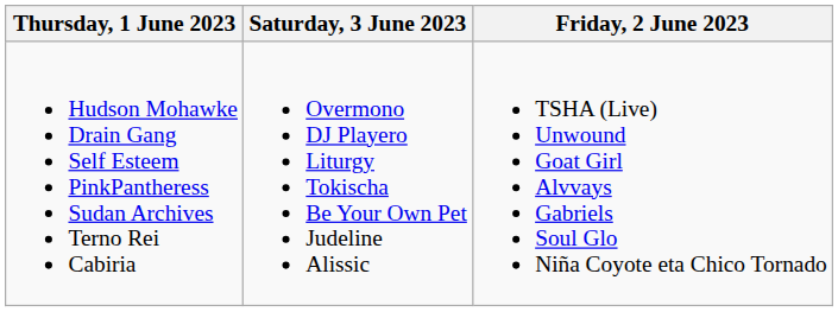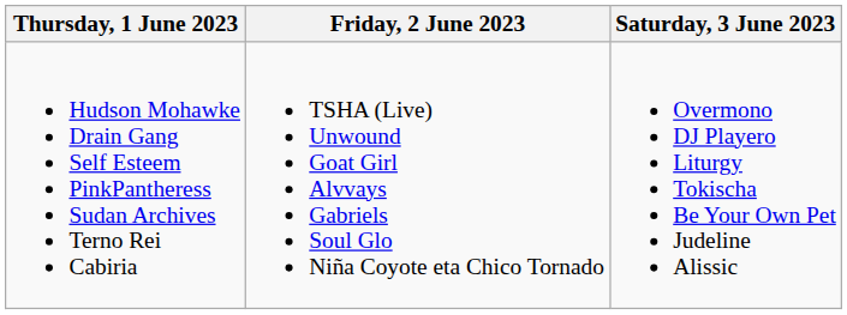 <table class="wikitable">
 <tr>
 <th>Thursday, 1 June 2023</th>
+<th>Friday, 2 June 2023</th>
 <th>Saturday, 3 June 2023</th>
-<th>Friday, 2 June 2023</th>
 </tr>
 <tr valign="top">
 <td><br><ul><li><a href='#'>Hudson Mohawke</a></li><li><a href='#'>Drain Gang</a></li><li><a href='#'>Self Esteem</a></li><li><a href='#'>PinkPantheress</a></li><li><a href='#'>Sudan Archives</a></li><li>Terno Rei</li><li>Cabiria</li></ul></td>
+<td><br><ul><li>TSHA (Live)</li><li><a href='#'>Unwound</a></li><li><a href='#'>Goat Girl</a></li><li><a href='#'>Alvvays</a></li><li><a href='#'>Gabriels</a></li><li><a href='#'>Soul Glo</a></li><li>Niña Coyote eta Chico Tornado</li></ul></td>
 <td><br><ul><li><a href='#'>Overmono</a></li><li><a href='#'>DJ Playero</a></li><li><a href='#'>Liturgy</a></li><li><a href='#'>Tokischa</a></li><li><a href='#'>Be Your Own Pet</a></li><li>Judeline</li><li>Alissic</li></ul></td>
-<td><br><ul><li>TSHA (Live)</li><li><a href='#'>Unwound</a></li><li><a href='#'>Goat Girl</a></li><li><a href='#'>Alvvays</a></li><li><a href='#'>Gabriels</a></li><li><a href='#'>Soul Glo</a></li><li>Niña Coyote eta Chico Tornado</li></ul></td>
 </tr>
 </table>
